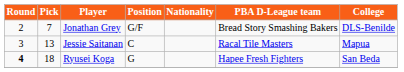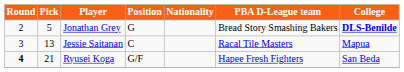 <table class="wikitable sortable sortable">
 <tr>
 <th style="background:#F95F17; color:#FFFFFF; ">Round</th>
 <th style="background:#F95F17; color:#FFFFFF; ">Pick</th>
 <th style="background:#F95F17; color:#FFFFFF; ">Player</th>
 <th style="background:#F95F17; color:#FFFFFF; ">Position</th>
 <th style="background:#F95F17; color:#FFFFFF; ">Nationality</th>
 <th style="background:#F95F17; color:#FFFFFF; ">PBA D-League team</th>
 <th style="background:#F95F17; color:#FFFFFF; ">College</th>
 </tr>
 <tr>
 <td align=center>2</td>
-<td align=center>7</td>
+<td align=center>5</td>
 <td><a href='#'>Jonathan Grey</a></td>
-<td>G/F</td>
+<td>G</td>
 <td></td>
 <td>Bread Story Smashing Bakers</td>
-<td><a href='#'>DLS-Benilde</a></td>
+<td><strong><a href='#'>DLS-Benilde</a></strong></td>
 </tr>
 <tr>
 <td align=center>3</td>
 <td align=center>13</td>
 <td><a href='#'>Jessie Saitanan</a></td>
 <td>C</td>
 <td></td>
 <td><a href='#'>Racal Tile Masters</a></td>
 <td><a href='#'>Mapua</a></td>
 </tr>
 <tr>
 <td align=center><strong>4</strong></td>
-<td align=center>18</td>
+<td align=center>21</td>
 <td><a href='#'>Ryusei Koga</a></td>
-<td>G</td>
+<td>G/F</td>
 <td></td>
 <td><a href='#'>Hapee Fresh Fighters</a></td>
 <td><a href='#'>San Beda</a></td>
 </tr>
 <tr>
 </tr>
 </table>
